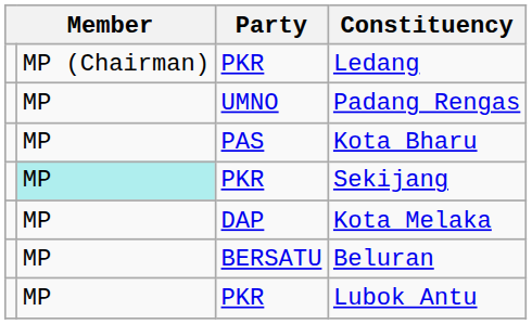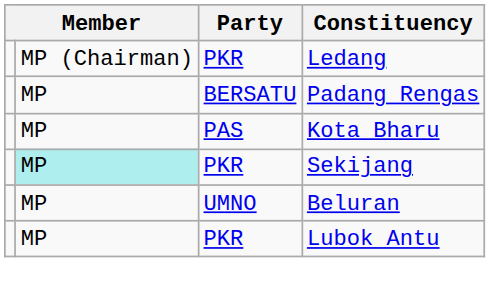 <table class="sortable wikitable">
 <tr>
 <th colspan="2" valign="top">Member</th>
 <th valign="top">Party</th>
 <th valign="top">Constituency</th>
 </tr>
 <tr>
 <td></td>
 <td> MP (Chairman)</td>
 <td><a href='#'>PKR</a></td>
 <td><a href='#'>Ledang</a></td>
 </tr>
 <tr>
 <td></td>
 <td> MP</td>
-<td><a href='#'>UMNO</a></td>
+<td><a href='#'>BERSATU</a></td>
 <td><a href='#'>Padang Rengas</a></td>
 </tr>
 <tr>
 <td></td>
 <td> MP</td>
 <td><a href='#'>PAS</a></td>
 <td><a href='#'>Kota Bharu</a></td>
 </tr>
 <tr>
 <td></td>
 <td style="background: paleturquoise;"> MP</td>
 <td><a href='#'>PKR</a></td>
 <td><a href='#'>Sekijang</a></td>
 </tr>
 <tr>
 <td></td>
 <td> MP</td>
-<td><a href='#'>DAP</a></td>
-<td><a href='#'>Kota Melaka</a></td>
-</tr>
-<tr>
-<td></td>
-<td> MP</td>
-<td><a href='#'>BERSATU</a></td>
+<td><a href='#'>UMNO</a></td>
 <td><a href='#'>Beluran</a></td>
 </tr>
 <tr>
 <td></td>
 <td> MP</td>
 <td><a href='#'>PKR</a></td>
 <td><a href='#'>Lubok Antu</a></td>
 </tr>
 </table>
